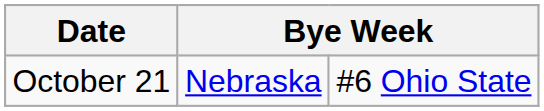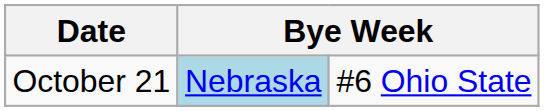 <table class="wikitable" style="font-size:95%;">
 <tr>
 <th>Date</th>
 <th colspan="2">Bye Week</th>
 </tr>
 <tr>
 <td>October 21</td>
-<td><a href='#'>Nebraska</a></td>
+<td style="background: lightblue;"><a href='#'>Nebraska</a></td>
 <td>#6 <a href='#'>Ohio State</a></td>
 </tr>
 </table>
